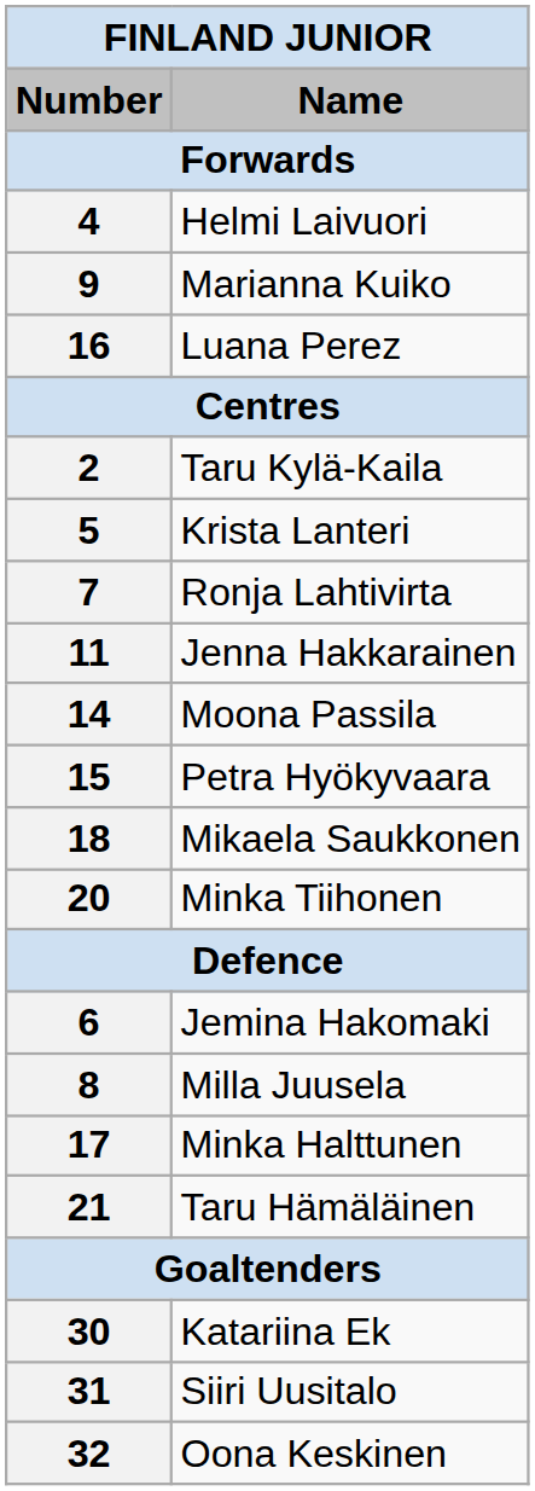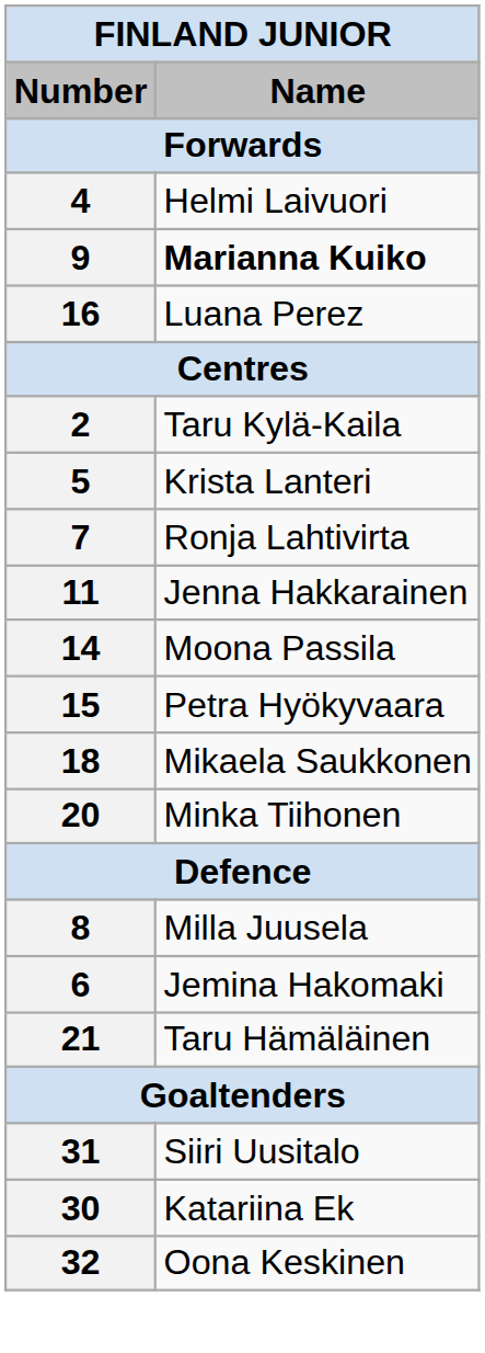 <table class="wikitable" style="text-align:left; font-size:90%;">
 <tr>
 <th style=background:#CEE0F2 colspan=2>FINLAND JUNIOR</th>
 </tr>
 <tr>
 <th style="background:silver;">Number</th>
 <th style="background:silver;">Name</th>
 </tr>
 <tr>
 <th style=background:#CEE0F2 colspan=2>Forwards</th>
 </tr>
 <tr>
 <th>4</th>
 <td>Helmi Laivuori</td>
 </tr>
 <tr>
 <th>9</th>
-<td>Marianna Kuiko</td>
+<td><strong>Marianna Kuiko</strong></td>
 </tr>
 <tr>
 <th>16</th>
 <td>Luana Perez</td>
 </tr>
 <tr>
 <th style=background:#CEE0F2 colspan=2>Centres</th>
 </tr>
 <tr>
 <th>2</th>
 <td>Taru Kylä-Kaila</td>
 </tr>
 <tr>
 <th>5</th>
 <td>Krista Lanteri</td>
 </tr>
 <tr>
 <th>7</th>
 <td>Ronja Lahtivirta</td>
 </tr>
 <tr>
 <th>11</th>
 <td>Jenna Hakkarainen</td>
 </tr>
 <tr>
 <th>14</th>
 <td>Moona Passila</td>
 </tr>
 <tr>
 <th>15</th>
 <td>Petra Hyökyvaara</td>
 </tr>
 <tr>
 <th>18</th>
 <td>Mikaela Saukkonen</td>
 </tr>
 <tr>
 <th>20</th>
 <td>Minka Tiihonen</td>
 </tr>
 <tr>
 <th style=background:#CEE0F2 colspan=2>Defence</th>
 </tr>
 <tr>
-<th>6</th>
-<td>Jemina Hakomaki</td>
-</tr>
-<tr>
 <th>8</th>
 <td>Milla Juusela</td>
 </tr>
 <tr>
-<th>17</th>
-<td>Minka Halttunen</td>
+<th>6</th>
+<td>Jemina Hakomaki</td>
 </tr>
 <tr>
 <th>21</th>
 <td>Taru Hämäläinen</td>
 </tr>
 <tr>
 <th style=background:#CEE0F2 colspan=2>Goaltenders</th>
 </tr>
 <tr>
+<th>31</th>
+<td>Siiri Uusitalo</td>
+</tr>
+<tr>
 <th>30</th>
 <td>Katariina Ek</td>
-</tr>
-<tr>
-<th>31</th>
-<td>Siiri Uusitalo</td>
 </tr>
 <tr>
 <th>32</th>
 <td>Oona Keskinen</td>
 </tr>
 </table>
